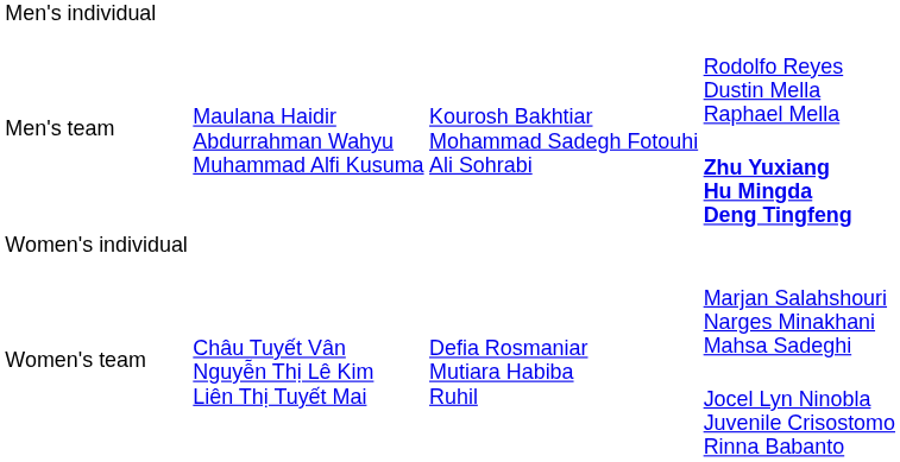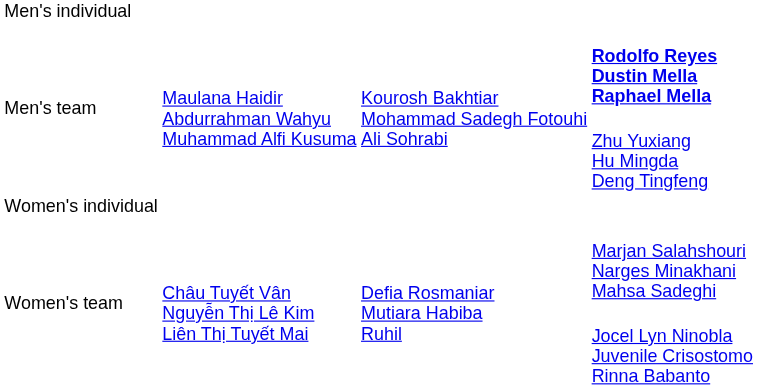 <table>
 <tr>
 <td rowspan=2>Men's individual</td>
 <td rowspan=2></td>
 <td rowspan=2></td>
 <td></td>
 </tr>
 <tr>
 <td></td>
 </tr>
 <tr>
 <td rowspan=2>Men's team</td>
 <td rowspan=2><br><a href='#'>Maulana Haidir</a><br><a href='#'>Abdurrahman Wahyu</a><br><a href='#'>Muhammad Alfi Kusuma</a></td>
 <td rowspan=2><br><a href='#'>Kourosh Bakhtiar</a><br><a href='#'>Mohammad Sadegh Fotouhi</a><br><a href='#'>Ali Sohrabi</a></td>
-<td><br><a href='#'>Rodolfo Reyes</a><br><a href='#'>Dustin Mella</a><br><a href='#'>Raphael Mella</a></td>
+<td><strong><br><a href='#'>Rodolfo Reyes</a><br><a href='#'>Dustin Mella</a><br><a href='#'>Raphael Mella</a></strong></td>
 </tr>
 <tr>
-<td><strong><br><a href='#'>Zhu Yuxiang</a><br><a href='#'>Hu Mingda</a><br><a href='#'>Deng Tingfeng</a></strong></td>
+<td><br><a href='#'>Zhu Yuxiang</a><br><a href='#'>Hu Mingda</a><br><a href='#'>Deng Tingfeng</a></td>
 </tr>
 <tr>
 <td rowspan=2>Women's individual</td>
 <td rowspan=2></td>
 <td rowspan=2></td>
 <td></td>
 </tr>
 <tr>
 <td></td>
 </tr>
 <tr>
 <td rowspan=2>Women's team</td>
 <td rowspan=2><br><a href='#'>Châu Tuyết Vân</a><br><a href='#'>Nguyễn Thị Lê Kim</a><br><a href='#'>Liên Thị Tuyết Mai</a></td>
 <td rowspan=2><br><a href='#'>Defia Rosmaniar</a><br><a href='#'>Mutiara Habiba</a><br><a href='#'>Ruhil</a></td>
 <td><br><a href='#'>Marjan Salahshouri</a><br><a href='#'>Narges Minakhani</a><br><a href='#'>Mahsa Sadeghi</a></td>
 </tr>
 <tr>
 <td><br><a href='#'>Jocel Lyn Ninobla</a><br><a href='#'>Juvenile Crisostomo</a><br><a href='#'>Rinna Babanto</a></td>
 </tr>
 </table>
